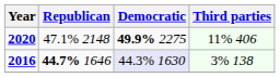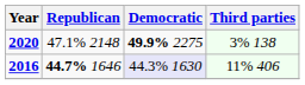 <table class="wikitable" style="font-size:95%;">
 <tr bgcolor=lightgrey>
 <th>Year</th>
 <th><a href='#'>Republican</a></th>
 <th><a href='#'>Democratic</a></th>
 <th><a href='#'>Third parties</a></th>
 </tr>
 <tr>
 <td style="text-align:center;" ><strong><a href='#'>2020</a></strong></td>
 <td style="text-align:center;" >47.1% <em>2148</em></td>
 <td style="text-align:center;" ><strong>49.9%</strong> <em>2275</em></td>
-<td style="text-align:center; background:honeyDew;">11% <em>406</em></td>
+<td style="text-align:center; background:honeyDew;">3% <em>138</em></td>
 </tr>
 <tr>
 <td style="text-align:center;" ><strong><a href='#'>2016</a></strong></td>
 <td style="text-align:center;" ><strong>44.7%</strong> <em>1646</em></td>
 <td style="background: lavender; text-align:center;" >44.3% <em>1630</em></td>
-<td style="text-align:center; background:honeyDew;">3% <em>138</em></td>
+<td style="text-align:center; background:honeyDew;">11% <em>406</em></td>
 </tr>
 <tr>
 </tr>
 </table>
